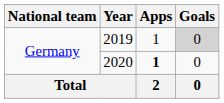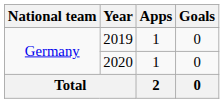 <table class="wikitable" style="text-align:center">
 <tr>
 <th>National team</th>
 <th>Year</th>
 <th>Apps</th>
 <th>Goals</th>
 </tr>
 <tr>
 <td rowspan="2"><a href='#'>Germany</a></td>
 <td>2019</td>
 <td>1</td>
-<td style="background: lightgrey;">0</td>
+<td>0</td>
 </tr>
 <tr>
 <td>2020</td>
-<td><strong>1</strong></td>
+<td>1</td>
 <td>0</td>
 </tr>
 <tr>
 <th colspan="2">Total</th>
 <th>2</th>
 <th>0</th>
 </tr>
 </table>
